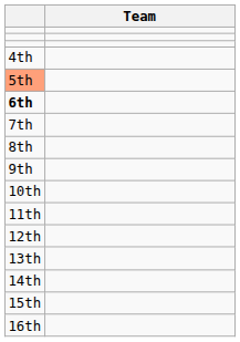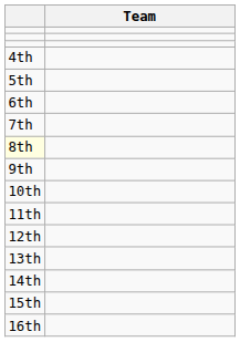 <table class="wikitable">
 <tr>
 <th width=20></th>
 <th width=175>Team</th>
 </tr>
 <tr>
 <td></td>
 <td></td>
 </tr>
 <tr>
 <td></td>
 <td></td>
 </tr>
 <tr>
 <td></td>
 <td></td>
 </tr>
 <tr>
 <td>4th</td>
 <td></td>
 </tr>
 <tr>
-<td style="background: lightsalmon;">5th</td>
+<td>5th</td>
 <td></td>
 </tr>
 <tr>
-<td><strong>6th</strong></td>
+<td>6th</td>
 <td></td>
 </tr>
 <tr>
 <td>7th</td>
 <td></td>
 </tr>
 <tr>
-<td>8th</td>
+<td style="background: lightyellow;">8th</td>
 <td></td>
 </tr>
 <tr>
 <td>9th</td>
 <td></td>
 </tr>
 <tr>
 <td>10th</td>
 <td></td>
 </tr>
 <tr>
 <td>11th</td>
 <td></td>
 </tr>
 <tr>
 <td>12th</td>
 <td></td>
 </tr>
 <tr>
 <td>13th</td>
 <td></td>
 </tr>
 <tr>
 <td>14th</td>
 <td></td>
 </tr>
 <tr>
 <td>15th</td>
 <td></td>
 </tr>
 <tr>
 <td>16th</td>
 <td></td>
 </tr>
 </table>
